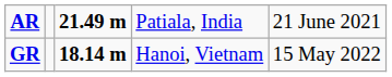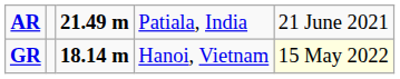 <table class="wikitable" style="font-size:95%; position:relative;">
 <tr>
 <td align=center><strong><a href='#'>AR</a></strong></td>
 <td></td>
 <td><strong>21.49 m</strong></td>
 <td><a href='#'>Patiala</a>, <a href='#'>India</a></td>
 <td>21 June 2021</td>
 </tr>
 <tr>
 <td align=center><strong><a href='#'>GR</a></strong></td>
 <td></td>
 <td><strong>18.14 m</strong></td>
 <td><a href='#'>Hanoi</a>, <a href='#'>Vietnam</a></td>
-<td>15 May 2022</td>
+<td style="background: lightyellow;">15 May 2022</td>
 </tr>
 </table>
